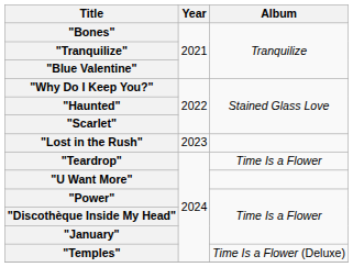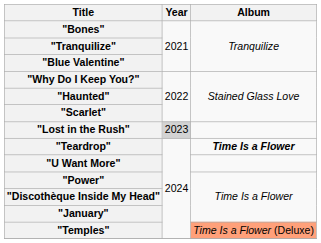 <table class="wikitable plainrowheaders" style="text-align:center;">
 <tr>
 <th scope="col" rowspan="1">Title</th>
 <th scope="col" rowspan="1">Year</th>
 <th scope="col" rowspan="1">Album</th>
 </tr>
 <tr>
 <th scope="row">"Bones"</th>
 <td rowspan="3">2021</td>
 <td rowspan="3"><em>Tranquilize</em></td>
 </tr>
 <tr>
 <th scope="row">"Tranquilize"</th>
 </tr>
 <tr>
 <th scope="row">"Blue Valentine"</th>
 </tr>
 <tr>
 <th scope="row">"Why Do I Keep You?"</th>
 <td rowspan="3">2022</td>
 <td rowspan="3"><em>Stained Glass Love</em></td>
 </tr>
 <tr>
 <th scope="row">"Haunted"</th>
 </tr>
 <tr>
 <th scope="row">"Scarlet"</th>
 </tr>
 <tr>
 <th scope="row">"Lost in the Rush"</th>
-<td>2023</td>
+<td style="background: lightgrey;">2023</td>
 <td></td>
 </tr>
 <tr>
 <th scope="row">"Teardrop"</th>
 <td rowspan="6">2024</td>
-<td><em>Time Is a Flower</em></td>
+<td><strong><em>Time Is a Flower</em></strong></td>
 </tr>
 <tr>
 <th scope="row">"U Want More" </th>
 <td></td>
 </tr>
 <tr>
 <th scope="row">"Power"</th>
 <td rowspan="3"><em>Time Is a Flower</em></td>
 </tr>
 <tr>
 <th scope="row">"Discothèque Inside My Head"</th>
 </tr>
 <tr>
 <th scope="row">"January"</th>
 </tr>
 <tr>
 <th scope="row">"Temples"</th>
-<td><em>Time Is a Flower</em> (Deluxe)</td>
+<td style="background: lightsalmon;"><em>Time Is a Flower</em> (Deluxe)</td>
 </tr>
 <tr>
 </tr>
 </table>
